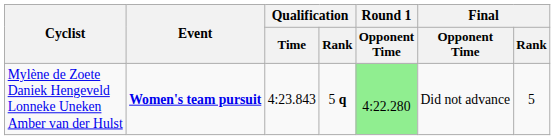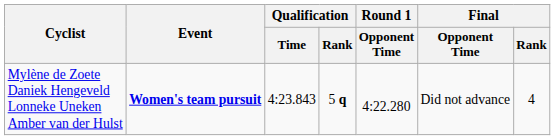 <table class="wikitable" style="font-size:90%">
 <tr>
 <th rowspan=2>Cyclist</th>
 <th rowspan=2>Event</th>
 <th colspan=2>Qualification</th>
 <th colspan=1>Round 1</th>
 <th colspan=2>Final</th>
 </tr>
 <tr style="font-size:95%">
 <th>Time</th>
 <th>Rank</th>
 <th>Opponent<br>Time</th>
 <th>Opponent<br>Time</th>
 <th>Rank</th>
 </tr>
 <tr align=center>
 <td align=left><a href='#'>Mylène de Zoete</a><br><a href='#'>Daniek Hengeveld</a><br><a href='#'>Lonneke Uneken</a><br><a href='#'>Amber van der Hulst</a></td>
 <td align=left><strong><a href='#'>Women's team pursuit</a></strong></td>
 <td>4:23.843</td>
 <td>5 <strong>q</strong></td>
-<td style="background: lightgreen;"><br> 4:22.280</td>
+<td><br> 4:22.280</td>
 <td>Did not advance</td>
-<td>5</td>
+<td>4</td>
 </tr>
 </table>
